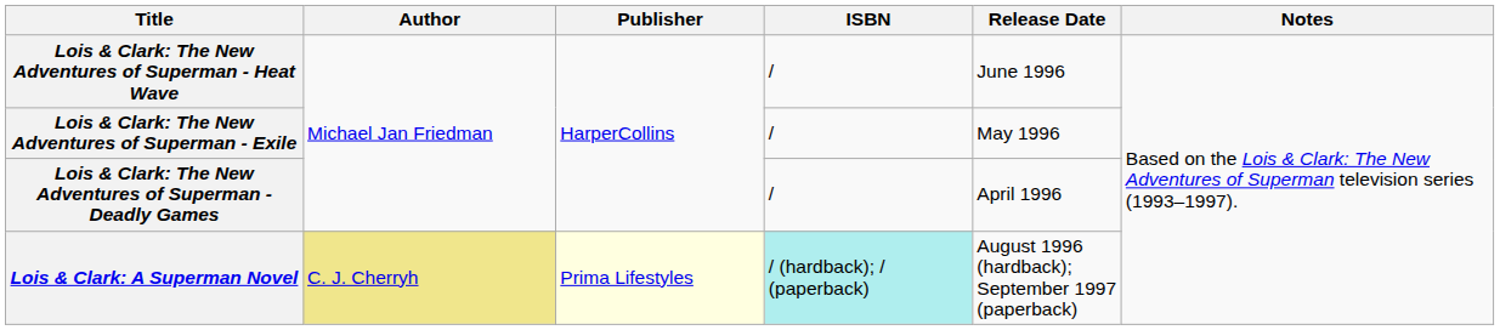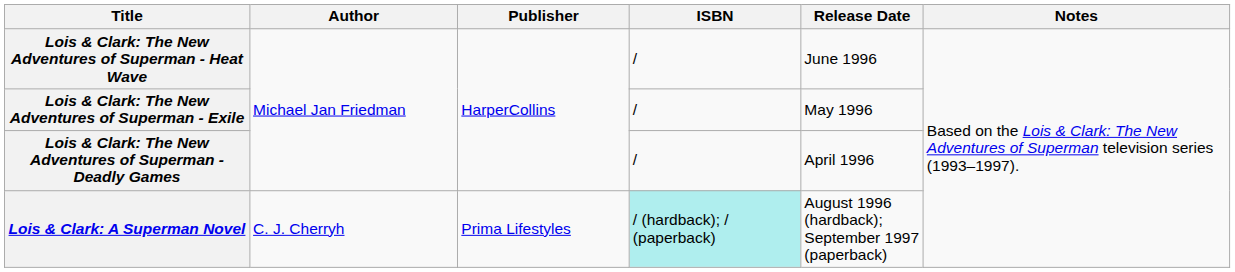 <table class="wikitable" width=100%>
 <tr>
 <th width=20%>Title</th>
 <th width=17%>Author</th>
 <th width=14%>Publisher</th>
 <th width=14%>ISBN</th>
 <th width=10%>Release Date</th>
 <th width=25%>Notes</th>
 </tr>
 <tr>
 <th><em>Lois & Clark: The New Adventures of Superman - Heat Wave</em></th>
 <td rowspan="3"><a href='#'>Michael Jan Friedman</a></td>
 <td rowspan="3"><a href='#'>HarperCollins</a></td>
 <td> / </td>
 <td>June 1996</td>
 <td rowspan="4">Based on the <em><a href='#'>Lois & Clark: The New Adventures of Superman</a></em> television series (1993–1997).</td>
 </tr>
 <tr>
 <th><em>Lois & Clark: The New Adventures of Superman - Exile</em></th>
 <td> / </td>
 <td>May 1996</td>
 </tr>
 <tr>
 <th><em>Lois & Clark: The New Adventures of Superman - Deadly Games</em></th>
 <td> / </td>
 <td>April 1996</td>
 </tr>
 <tr>
 <th><em><a href='#'>Lois & Clark: A Superman Novel</a></em></th>
-<td style="background: khaki;"><a href='#'>C. J. Cherryh</a></td>
-<td style="background: lightyellow;"><a href='#'>Prima Lifestyles</a></td>
+<td><a href='#'>C. J. Cherryh</a></td>
+<td><a href='#'>Prima Lifestyles</a></td>
 <td style="background: paleturquoise;"> /  (hardback);  /  (paperback)</td>
 <td>August 1996 (hardback); September 1997 (paperback)</td>
 </tr>
 </table>
